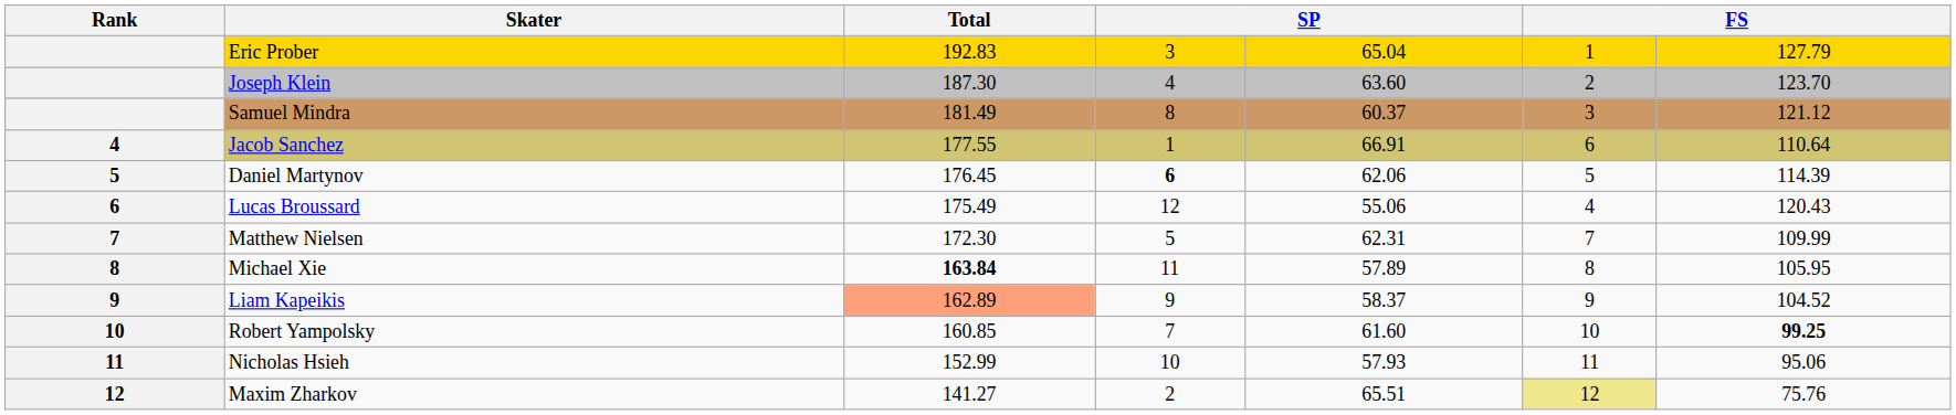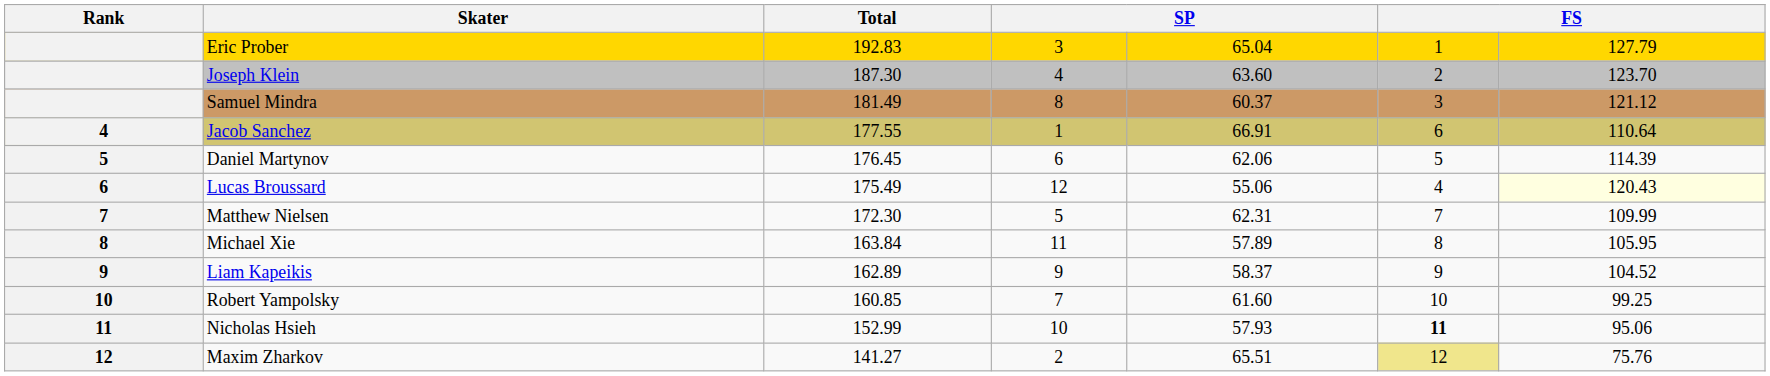 <table class="wikitable sortable" style="text-align:left; width:80%">
 <tr>
 <th scope="col">Rank</th>
 <th scope="col">Skater</th>
 <th scope="col">Total</th>
 <th scope="col" colspan="2" width="80px"><a href='#'>SP</a></th>
 <th scope="col" colspan="2" width="80px"><a href='#'>FS</a></th>
 </tr>
 <tr bgcolor="gold">
 <th scope="row"></th>
 <td>Eric Prober</td>
 <td align="center">192.83</td>
 <td align="center">3</td>
 <td align="center">65.04</td>
 <td align="center">1</td>
 <td align="center">127.79</td>
 </tr>
 <tr bgcolor="silver">
 <th scope="row"></th>
 <td><a href='#'>Joseph Klein</a></td>
 <td align="center">187.30</td>
 <td align="center">4</td>
 <td align="center">63.60</td>
 <td align="center">2</td>
 <td align="center">123.70</td>
 </tr>
 <tr bgcolor="cc9966">
 <th scope="row"></th>
 <td>Samuel Mindra</td>
 <td align="center">181.49</td>
 <td align="center">8</td>
 <td align="center">60.37</td>
 <td align="center">3</td>
 <td align="center">121.12</td>
 </tr>
 <tr bgcolor="#d1c571">
 <th scope="row">4</th>
 <td><a href='#'>Jacob Sanchez</a></td>
 <td align="center">177.55</td>
 <td align="center">1</td>
 <td align="center">66.91</td>
 <td align="center">6</td>
 <td align="center">110.64</td>
 </tr>
 <tr>
 <th scope="row">5</th>
 <td>Daniel Martynov</td>
 <td align="center">176.45</td>
-<td align="center"><strong>6</strong></td>
+<td align="center">6</td>
 <td align="center">62.06</td>
 <td align="center">5</td>
 <td align="center">114.39</td>
 </tr>
 <tr>
 <th scope="row">6</th>
 <td><a href='#'>Lucas Broussard</a></td>
 <td align="center">175.49</td>
 <td align="center">12</td>
 <td align="center">55.06</td>
 <td align="center">4</td>
-<td align="center">120.43</td>
+<td align="center" style="background: lightyellow;">120.43</td>
 </tr>
 <tr>
 <th scope="row">7</th>
 <td>Matthew Nielsen</td>
 <td align="center">172.30</td>
 <td align="center">5</td>
 <td align="center">62.31</td>
 <td align="center">7</td>
 <td align="center">109.99</td>
 </tr>
 <tr>
 <th scope="row">8</th>
 <td>Michael Xie</td>
-<td align="center"><strong>163.84</strong></td>
+<td align="center">163.84</td>
 <td align="center">11</td>
 <td align="center">57.89</td>
 <td align="center">8</td>
 <td align="center">105.95</td>
 </tr>
 <tr>
 <th scope="row">9</th>
 <td><a href='#'>Liam Kapeikis</a></td>
-<td align="center" style="background: lightsalmon;">162.89</td>
+<td align="center">162.89</td>
 <td align="center">9</td>
 <td align="center">58.37</td>
 <td align="center">9</td>
 <td align="center">104.52</td>
 </tr>
 <tr>
 <th scope="row">10</th>
 <td>Robert Yampolsky</td>
 <td align="center">160.85</td>
 <td align="center">7</td>
 <td align="center">61.60</td>
 <td align="center">10</td>
-<td align="center"><strong>99.25</strong></td>
+<td align="center">99.25</td>
 </tr>
 <tr>
 <th scope="row">11</th>
 <td>Nicholas Hsieh</td>
 <td align="center">152.99</td>
 <td align="center">10</td>
 <td align="center">57.93</td>
-<td align="center">11</td>
+<td align="center"><strong>11</strong></td>
 <td align="center">95.06</td>
 </tr>
 <tr>
 <th scope="row">12</th>
 <td>Maxim Zharkov</td>
 <td align="center">141.27</td>
 <td align="center">2</td>
 <td align="center">65.51</td>
 <td align="center" style="background: khaki;">12</td>
 <td align="center">75.76</td>
 </tr>
 </table>
